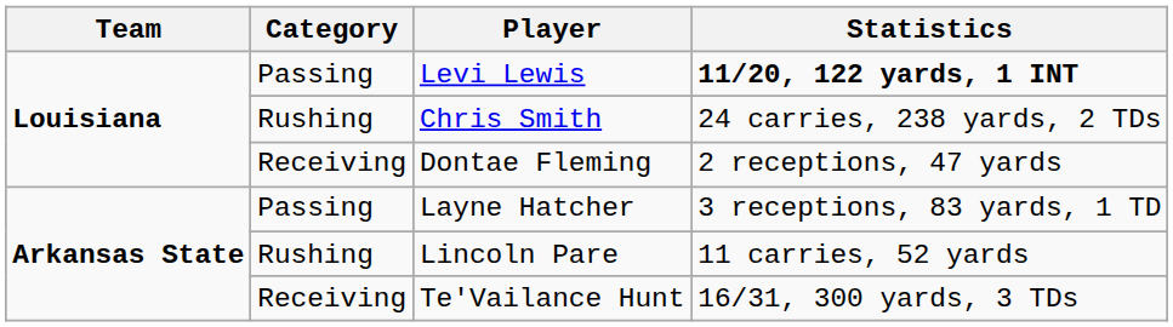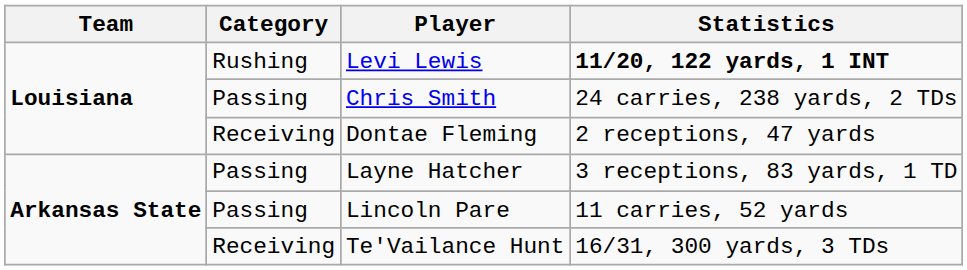 <table class="wikitable" style="float: left;">
 <tr>
 <th>Team</th>
 <th>Category</th>
 <th>Player</th>
 <th>Statistics</th>
 </tr>
 <tr>
 <td rowspan=3><strong>Louisiana</strong></td>
-<td>Passing</td>
+<td>Rushing</td>
 <td><a href='#'>Levi Lewis</a></td>
 <td><strong>11/20, 122 yards, 1 INT</strong></td>
 </tr>
 <tr>
-<td>Rushing</td>
+<td>Passing</td>
 <td><a href='#'>Chris Smith</a></td>
 <td>24 carries, 238 yards, 2 TDs</td>
 </tr>
 <tr>
 <td>Receiving</td>
 <td>Dontae Fleming</td>
 <td>2 receptions, 47 yards</td>
 </tr>
 <tr>
 <td rowspan=3><strong>Arkansas State</strong></td>
 <td>Passing</td>
 <td>Layne Hatcher</td>
 <td>3 receptions, 83 yards, 1 TD</td>
 </tr>
 <tr>
-<td>Rushing</td>
+<td>Passing</td>
 <td>Lincoln Pare</td>
 <td>11 carries, 52 yards</td>
 </tr>
 <tr>
 <td>Receiving</td>
 <td>Te'Vailance Hunt</td>
 <td>16/31, 300 yards, 3 TDs</td>
 </tr>
 </table>
